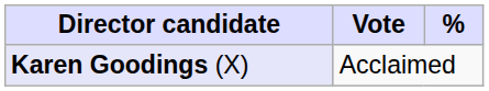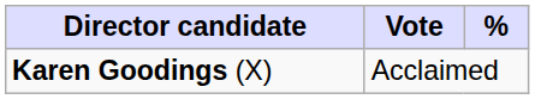 <table class="wikitable">
 <tr>
 <th style="background:#ddf;" width="200px">Director candidate</th>
 <th style="background:#ddf;" width="50px">Vote</th>
 <th style="background:#ddf;" width="30px">%</th>
 </tr>
 <tr>
-<td style="background: lavender;"><strong>Karen Goodings</strong> (X)</td>
+<td><strong>Karen Goodings</strong> (X)</td>
 <td colspan="2">Acclaimed</td>
 </tr>
 </table>
